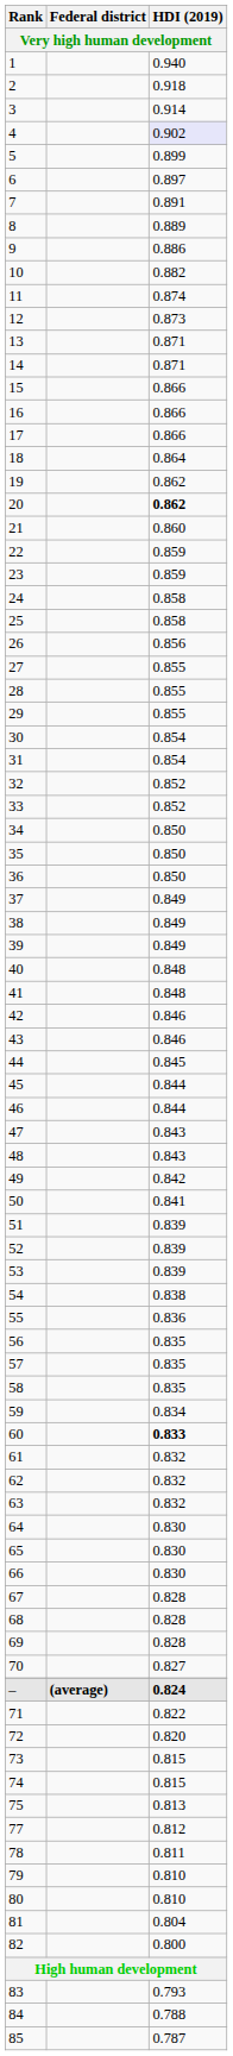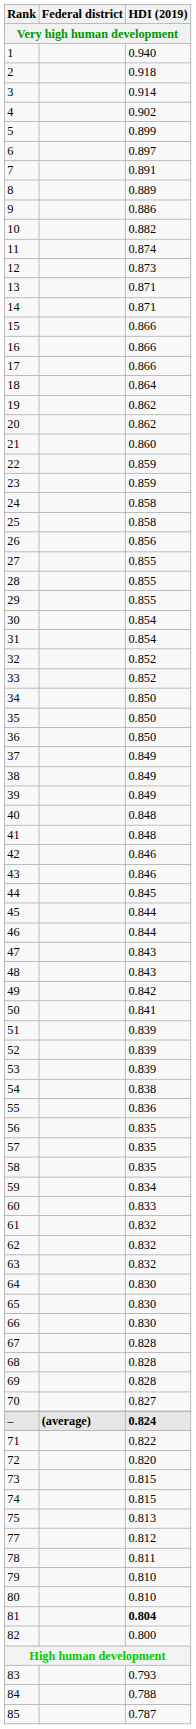 <table class="wikitable sortable">
 <tr>
 <th>Rank</th>
 <th>Federal district</th>
 <th>HDI (2019)</th>
 </tr>
 <tr>
 <th colspan="3" style="color:#090;">Very high human development</th>
 </tr>
 <tr>
 <td>1</td>
 <td></td>
 <td>0.940</td>
 </tr>
 <tr>
 <td>2</td>
 <td></td>
 <td>0.918</td>
 </tr>
 <tr>
 <td>3</td>
 <td></td>
 <td>0.914</td>
 </tr>
 <tr>
 <td>4</td>
 <td></td>
-<td style="background: lavender;">0.902</td>
+<td>0.902</td>
 </tr>
 <tr>
 <td>5</td>
 <td></td>
 <td>0.899</td>
 </tr>
 <tr>
 <td>6</td>
 <td></td>
 <td>0.897</td>
 </tr>
 <tr>
 <td>7</td>
 <td></td>
 <td>0.891</td>
 </tr>
 <tr>
 <td>8</td>
 <td></td>
 <td>0.889</td>
 </tr>
 <tr>
 <td>9</td>
 <td></td>
 <td>0.886</td>
 </tr>
 <tr>
 <td>10</td>
 <td></td>
 <td>0.882</td>
 </tr>
 <tr>
 <td>11</td>
 <td></td>
 <td>0.874</td>
 </tr>
 <tr>
 <td>12</td>
 <td></td>
 <td>0.873</td>
 </tr>
 <tr>
 <td>13</td>
 <td></td>
 <td>0.871</td>
 </tr>
 <tr>
 <td>14</td>
 <td></td>
 <td>0.871</td>
 </tr>
 <tr>
 <td>15</td>
 <td></td>
 <td>0.866</td>
 </tr>
 <tr>
 <td>16</td>
 <td></td>
 <td>0.866</td>
 </tr>
 <tr>
 <td>17</td>
 <td></td>
 <td>0.866</td>
 </tr>
 <tr>
 <td>18</td>
 <td></td>
 <td>0.864</td>
 </tr>
 <tr>
 <td>19</td>
 <td></td>
 <td>0.862</td>
 </tr>
 <tr>
 <td>20</td>
 <td></td>
-<td><strong>0.862</strong></td>
+<td>0.862</td>
 </tr>
 <tr>
 <td>21</td>
 <td></td>
 <td>0.860</td>
 </tr>
 <tr>
 <td>22</td>
 <td></td>
 <td>0.859</td>
 </tr>
 <tr>
 <td>23</td>
 <td></td>
 <td>0.859</td>
 </tr>
 <tr>
 <td>24</td>
 <td></td>
 <td>0.858</td>
 </tr>
 <tr>
 <td>25</td>
 <td></td>
 <td>0.858</td>
 </tr>
 <tr>
 <td>26</td>
 <td></td>
 <td>0.856</td>
 </tr>
 <tr>
 <td>27</td>
 <td></td>
 <td>0.855</td>
 </tr>
 <tr>
 <td>28</td>
 <td></td>
 <td>0.855</td>
 </tr>
 <tr>
 <td>29</td>
 <td></td>
 <td>0.855</td>
 </tr>
 <tr>
 <td>30</td>
 <td></td>
 <td>0.854</td>
 </tr>
 <tr>
 <td>31</td>
 <td></td>
 <td>0.854</td>
 </tr>
 <tr>
 <td>32</td>
 <td></td>
 <td>0.852</td>
 </tr>
 <tr>
 <td>33</td>
 <td></td>
 <td>0.852</td>
 </tr>
 <tr>
 <td>34</td>
 <td></td>
 <td>0.850</td>
 </tr>
 <tr>
 <td>35</td>
 <td></td>
 <td>0.850</td>
 </tr>
 <tr>
 <td>36</td>
 <td></td>
 <td>0.850</td>
 </tr>
 <tr>
 <td>37</td>
 <td></td>
 <td>0.849</td>
 </tr>
 <tr>
 <td>38</td>
 <td></td>
 <td>0.849</td>
 </tr>
 <tr>
 <td>39</td>
 <td></td>
 <td>0.849</td>
 </tr>
 <tr>
 <td>40</td>
 <td></td>
 <td>0.848</td>
 </tr>
 <tr>
 <td>41</td>
 <td></td>
 <td>0.848</td>
 </tr>
 <tr>
 <td>42</td>
 <td></td>
 <td>0.846</td>
 </tr>
 <tr>
 <td>43</td>
 <td></td>
 <td>0.846</td>
 </tr>
 <tr>
 <td>44</td>
 <td></td>
 <td>0.845</td>
 </tr>
 <tr>
 <td>45</td>
 <td></td>
 <td>0.844</td>
 </tr>
 <tr>
 <td>46</td>
 <td></td>
 <td>0.844</td>
 </tr>
 <tr>
 <td>47</td>
 <td></td>
 <td>0.843</td>
 </tr>
 <tr>
 <td>48</td>
 <td></td>
 <td>0.843</td>
 </tr>
 <tr>
 <td>49</td>
 <td></td>
 <td>0.842</td>
 </tr>
 <tr>
 <td>50</td>
 <td></td>
 <td>0.841</td>
 </tr>
 <tr>
 <td>51</td>
 <td></td>
 <td>0.839</td>
 </tr>
 <tr>
 <td>52</td>
 <td></td>
 <td>0.839</td>
 </tr>
 <tr>
 <td>53</td>
 <td></td>
 <td>0.839</td>
 </tr>
 <tr>
 <td>54</td>
 <td></td>
 <td>0.838</td>
 </tr>
 <tr>
 <td>55</td>
 <td></td>
 <td>0.836</td>
 </tr>
 <tr>
 <td>56</td>
 <td></td>
 <td>0.835</td>
 </tr>
 <tr>
 <td>57</td>
 <td></td>
 <td>0.835</td>
 </tr>
 <tr>
 <td>58</td>
 <td></td>
 <td>0.835</td>
 </tr>
 <tr>
 <td>59</td>
 <td></td>
 <td>0.834</td>
 </tr>
 <tr>
 <td>60</td>
 <td></td>
-<td><strong>0.833</strong></td>
+<td>0.833</td>
 </tr>
 <tr>
 <td>61</td>
 <td></td>
 <td>0.832</td>
 </tr>
 <tr>
 <td>62</td>
 <td></td>
 <td>0.832</td>
 </tr>
 <tr>
 <td>63</td>
 <td></td>
 <td>0.832</td>
 </tr>
 <tr>
 <td>64</td>
 <td></td>
 <td>0.830</td>
 </tr>
 <tr>
 <td>65</td>
 <td></td>
 <td>0.830</td>
 </tr>
 <tr>
 <td>66</td>
 <td></td>
 <td>0.830</td>
 </tr>
 <tr>
 <td>67</td>
 <td></td>
 <td>0.828</td>
 </tr>
 <tr>
 <td>68</td>
 <td></td>
 <td>0.828</td>
 </tr>
 <tr>
 <td>69</td>
 <td></td>
 <td>0.828</td>
 </tr>
 <tr>
 <td>70</td>
 <td></td>
 <td>0.827</td>
 </tr>
 <tr>
 </tr>
 <tr style="background:#e6e6e6">
 <td>–</td>
 <td><strong> (average)</strong></td>
 <td><strong>0.824</strong></td>
 </tr>
 <tr>
 <td>71</td>
 <td></td>
 <td>0.822</td>
 </tr>
 <tr>
 <td>72</td>
 <td></td>
 <td>0.820</td>
 </tr>
 <tr>
 <td>73</td>
 <td></td>
 <td>0.815</td>
 </tr>
 <tr>
 <td>74</td>
 <td></td>
 <td>0.815</td>
 </tr>
 <tr>
 <td>75</td>
 <td></td>
 <td>0.813</td>
 </tr>
 <tr>
 <td>77</td>
 <td></td>
 <td>0.812</td>
 </tr>
 <tr>
 <td>78</td>
 <td></td>
 <td>0.811</td>
 </tr>
 <tr>
 <td>79</td>
 <td></td>
 <td>0.810</td>
 </tr>
 <tr>
 <td>80</td>
 <td></td>
 <td>0.810</td>
 </tr>
 <tr>
 <td>81</td>
 <td></td>
-<td>0.804</td>
+<td><strong>0.804</strong></td>
 </tr>
 <tr>
 <td>82</td>
 <td></td>
 <td>0.800</td>
 </tr>
 <tr>
 <th colspan="3" style="color:#0c0;">High human development</th>
 </tr>
 <tr>
 <td>83</td>
 <td></td>
 <td>0.793</td>
 </tr>
 <tr>
 <td>84</td>
 <td></td>
 <td>0.788</td>
 </tr>
 <tr>
 <td>85</td>
 <td></td>
 <td>0.787</td>
 </tr>
 </table>
